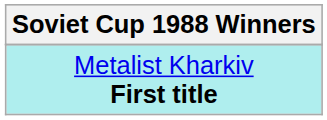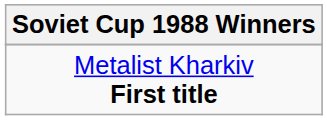 <table class="wikitable" style="text-align: center; margin: 0 auto;">
 <tr>
 <th>Soviet Cup 1988 Winners</th>
 </tr>
 <tr>
 </tr>
 <tr>
-<td style="background: paleturquoise;"><a href='#'>Metalist Kharkiv</a><br><strong>First title</strong></td>
+<td><a href='#'>Metalist Kharkiv</a><br><strong>First title</strong></td>
 </tr>
 </table>
